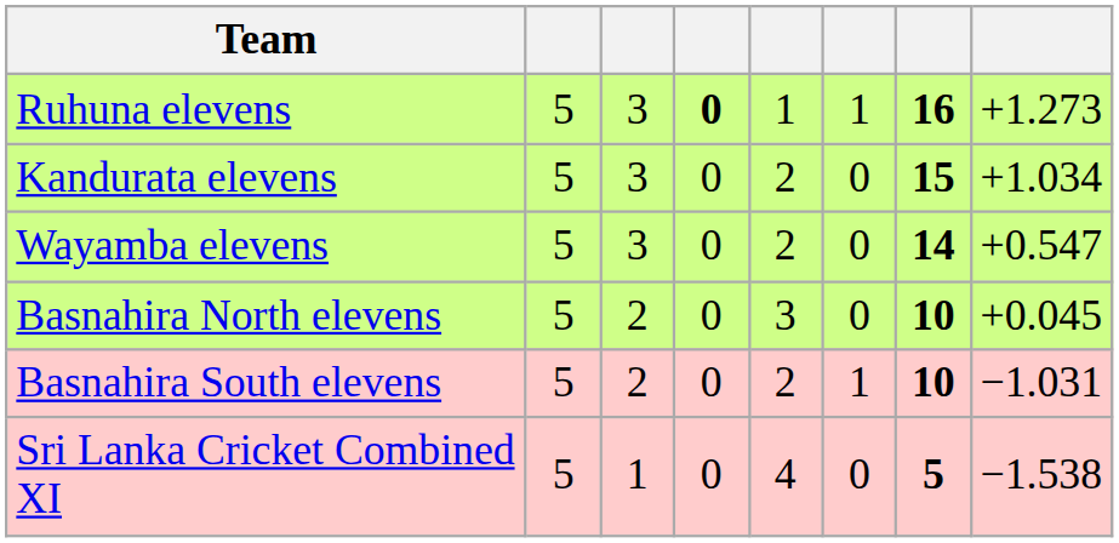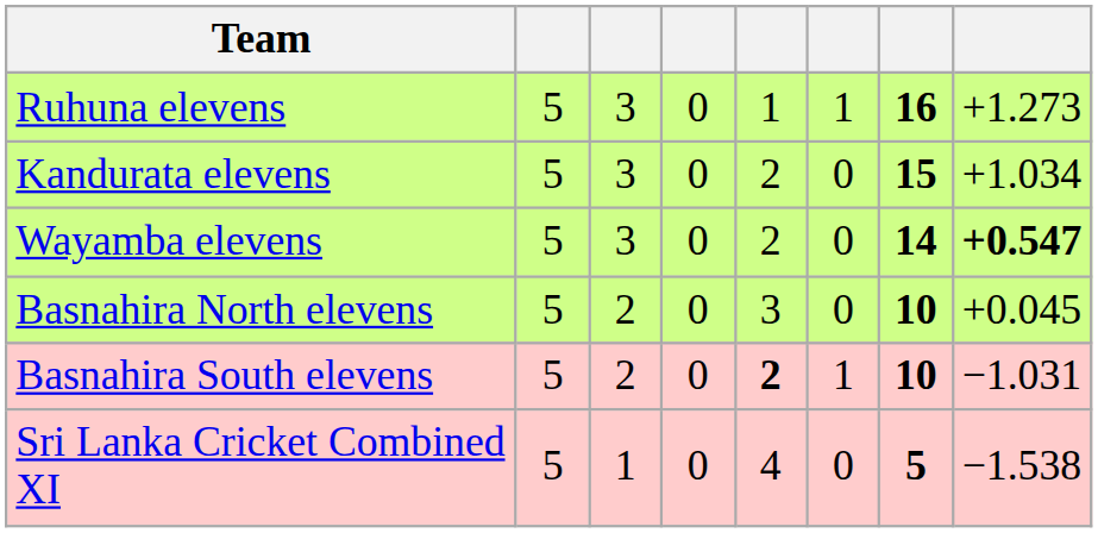 <table class="wikitable" style="text-align:center;">
 <tr>
 <th width=185>Team</th>
 <th width=20></th>
 <th width=20></th>
 <th width=20></th>
 <th width=20></th>
 <th width=20></th>
 <th width=20></th>
 <th width=20></th>
 </tr>
 <tr style="background:#cfff88;">
 <td style="text-align:left;"><a href='#'>Ruhuna elevens</a></td>
 <td>5</td>
 <td>3</td>
-<td><strong>0</strong></td>
+<td>0</td>
 <td>1</td>
 <td>1</td>
 <td><strong>16</strong></td>
 <td>+1.273</td>
 </tr>
 <tr style="background:#cfff88;">
 <td style="text-align:left;"><a href='#'>Kandurata elevens</a></td>
 <td>5</td>
 <td>3</td>
 <td>0</td>
 <td>2</td>
 <td>0</td>
 <td><strong>15</strong></td>
 <td>+1.034</td>
 </tr>
 <tr style="background:#cfff88;">
 <td style="text-align:left;"><a href='#'>Wayamba elevens</a></td>
 <td>5</td>
 <td>3</td>
 <td>0</td>
 <td>2</td>
 <td>0</td>
 <td><strong>14</strong></td>
-<td>+0.547</td>
+<td><strong>+0.547</strong></td>
 </tr>
 <tr style="background:#cfff88;">
 <td style="text-align:left;"><a href='#'>Basnahira North elevens</a></td>
 <td>5</td>
 <td>2</td>
 <td>0</td>
 <td>3</td>
 <td>0</td>
 <td><strong>10</strong></td>
 <td>+0.045</td>
 </tr>
 <tr style="background:#fcc;">
 <td style="text-align:left;"><a href='#'>Basnahira South elevens</a></td>
 <td>5</td>
 <td>2</td>
 <td>0</td>
-<td>2</td>
+<td><strong>2</strong></td>
 <td>1</td>
 <td><strong>10</strong></td>
 <td>−1.031</td>
 </tr>
 <tr style="background:#fcc;">
 <td style="text-align:left;"><a href='#'>Sri Lanka Cricket Combined XI</a></td>
 <td>5</td>
 <td>1</td>
 <td>0</td>
 <td>4</td>
 <td>0</td>
 <td><strong>5</strong></td>
 <td>−1.538</td>
 </tr>
 </table>
